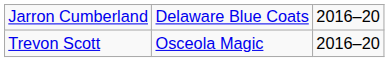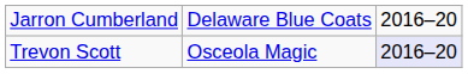 <table class="sortable wikitable">
 <tr>
 <td><a href='#'>Jarron Cumberland</a></td>
 <td><a href='#'>Delaware Blue Coats</a></td>
 <td>2016–20</td>
 </tr>
 <tr>
 <td><a href='#'>Trevon Scott</a></td>
 <td><a href='#'>Osceola Magic</a></td>
-<td>2016–20</td>
+<td style="background: lavender;">2016–20</td>
 </tr>
 </table>
